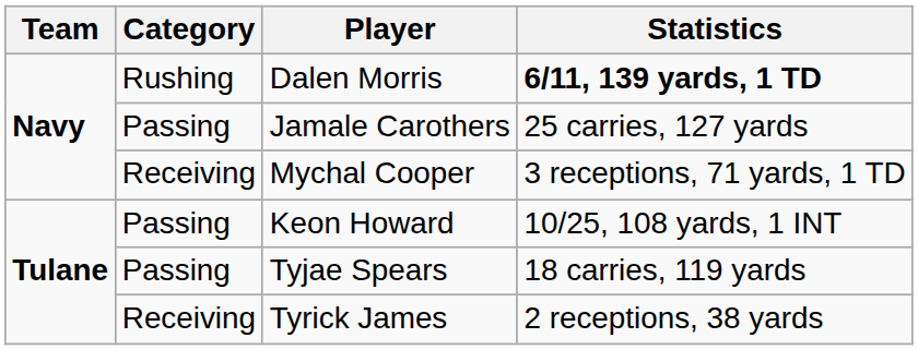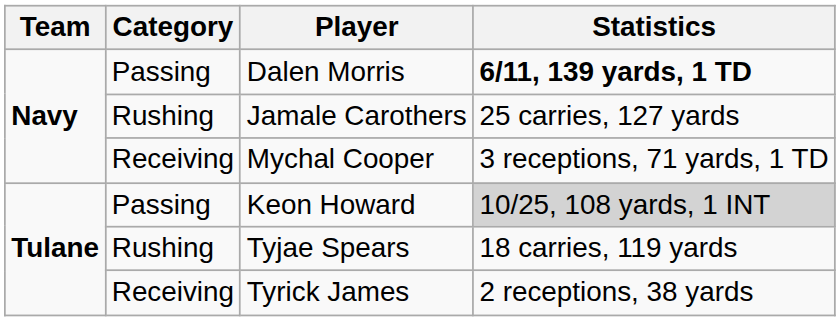 <table class="wikitable" style="float: left;">
 <tr>
 <th>Team</th>
 <th>Category</th>
 <th>Player</th>
 <th>Statistics</th>
 </tr>
 <tr>
 <td rowspan=3><strong>Navy</strong></td>
-<td>Rushing</td>
+<td>Passing</td>
 <td>Dalen Morris</td>
 <td><strong>6/11, 139 yards, 1 TD</strong></td>
 </tr>
 <tr>
-<td>Passing</td>
+<td>Rushing</td>
 <td>Jamale Carothers</td>
 <td>25 carries, 127 yards</td>
 </tr>
 <tr>
 <td>Receiving</td>
 <td>Mychal Cooper</td>
 <td>3 receptions, 71 yards, 1 TD</td>
 </tr>
 <tr>
 <td rowspan=3><strong>Tulane</strong></td>
 <td>Passing</td>
 <td>Keon Howard</td>
-<td>10/25, 108 yards, 1 INT</td>
+<td style="background: lightgrey;">10/25, 108 yards, 1 INT</td>
 </tr>
 <tr>
-<td>Passing</td>
+<td>Rushing</td>
 <td>Tyjae Spears</td>
 <td>18 carries, 119 yards</td>
 </tr>
 <tr>
 <td>Receiving</td>
 <td>Tyrick James</td>
 <td>2 receptions, 38 yards</td>
 </tr>
 </table>
